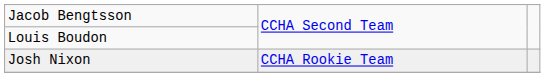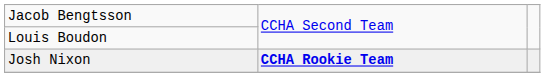 <table class="wikitable" width=40%>
 <tr>
 <td>Jacob Bengtsson</td>
 <td rowspan=2><a href='#'>CCHA Second Team</a></td>
 <td rowspan=2></td>
 </tr>
 <tr>
 <td>Louis Boudon</td>
 </tr>
 <tr bgcolor=f0f0f0>
 <td>Josh Nixon</td>
-<td rowspan=1><a href='#'>CCHA Rookie Team</a></td>
+<td rowspan=1><strong><a href='#'>CCHA Rookie Team</a></strong></td>
 <td rowspan=1></td>
 </tr>
 <tr>
 </tr>
 </table>
